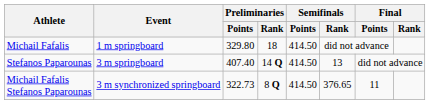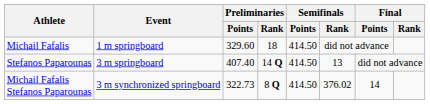 <table class=wikitable style="font-size:90%;">
 <tr>
 <th rowspan="2">Athlete</th>
 <th rowspan="2">Event</th>
 <th colspan="2">Preliminaries</th>
 <th colspan="2">Semifinals</th>
 <th colspan="2">Final</th>
 </tr>
 <tr style="font-size:95%">
 <th>Points</th>
 <th>Rank</th>
 <th>Points</th>
 <th>Rank</th>
 <th>Points</th>
 <th>Rank</th>
 </tr>
 <tr align=center>
 <td align=left><a href='#'>Michail Fafalis</a></td>
 <td align=left><a href='#'>1 m springboard</a></td>
-<td>329.80</td>
+<td>329.60</td>
 <td>18</td>
 <td>414.50</td>
 <td colspan=2>did not advance</td>
 </tr>
 <tr align=center>
 <td align=left><a href='#'>Stefanos Paparounas</a></td>
 <td align=left><a href='#'>3 m springboard</a></td>
 <td>407.40</td>
 <td>14 <strong>Q</strong></td>
 <td>414.50</td>
 <td>13</td>
 <td colspan=2>did not advance</td>
 </tr>
 <tr align=center>
 <td align=left><a href='#'>Michail Fafalis</a><br><a href='#'>Stefanos Paparounas</a></td>
 <td align=left><a href='#'>3 m synchronized springboard</a></td>
 <td>322.73</td>
 <td>8 <strong>Q</strong></td>
 <td>414.50</td>
-<td>376.65</td>
-<td>11</td>
+<td>376.02</td>
+<td>14</td>
 </tr>
 </table>
